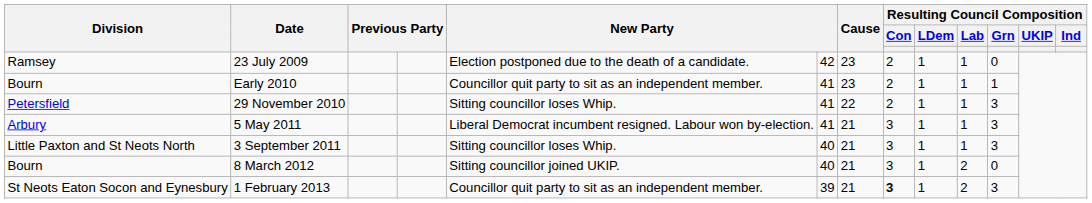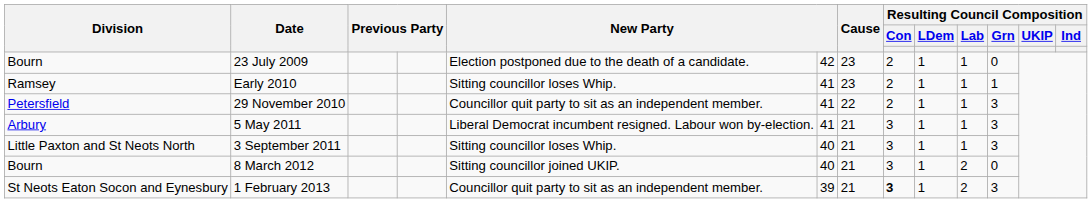 <table class="wikitable">
 <tr>
 <th !  rowspan="3">Division</th>
 <th ! rowspan="3">Date</th>
 <th !  rowspan=3 colspan=2>Previous Party</th>
 <th !  rowspan=3 colspan=2>New Party</th>
 <th ! rowspan="3">Cause</th>
 <th ! colspan="6">Resulting Council Composition</th>
 </tr>
 <tr>
 <th style="width:30px;" class="unsortable"><a href='#'>Con</a></th>
 <th style="width:30px;" class="unsortable"><a href='#'>LDem</a></th>
 <th style="width:30px;" class="unsortable"><a href='#'>Lab</a></th>
 <th style="width:30px;" class="unsortable"><a href='#'>Grn</a></th>
 <th style="width:30px;" class="unsortable"><a href='#'>UKIP</a></th>
 <th style="width:30px;" class="unsortable"><a href='#'>Ind</a></th>
 </tr>
 <tr>
 <th class="unsortable" style="color:inherit;background:"></th>
 <th class="unsortable" style="color:inherit;background:"></th>
 <th class="unsortable" style="color:inherit;background:"></th>
 <th class="unsortable" style="color:inherit;background:"></th>
 <th class="unsortable" style="color:inherit;background:"></th>
 <th class="unsortable" style="color:inherit;background:"></th>
 </tr>
 <tr>
-<td>Ramsey</td>
+<td>Bourn</td>
 <td>23 July 2009</td>
 <td></td>
 <td></td>
 <td>Election postponed due to the death of a candidate.</td>
 <td>42</td>
 <td>23</td>
 <td>2</td>
 <td>1</td>
 <td>1</td>
 <td>0</td>
 </tr>
 <tr>
-<td>Bourn</td>
+<td>Ramsey</td>
 <td>Early 2010</td>
 <td></td>
 <td></td>
-<td>Councillor quit party to sit as an independent member.</td>
+<td>Sitting councillor loses Whip.</td>
 <td>41</td>
 <td>23</td>
 <td>2</td>
 <td>1</td>
 <td>1</td>
 <td>1</td>
 </tr>
 <tr>
 <td><a href='#'>Petersfield</a></td>
 <td>29 November 2010</td>
 <td></td>
 <td></td>
-<td>Sitting councillor loses Whip.</td>
+<td>Councillor quit party to sit as an independent member.</td>
 <td>41</td>
 <td>22</td>
 <td>2</td>
 <td>1</td>
 <td>1</td>
 <td>3</td>
 </tr>
 <tr>
 <td><a href='#'>Arbury</a></td>
 <td>5 May 2011</td>
 <td></td>
 <td></td>
 <td>Liberal Democrat incumbent resigned. Labour won by-election.</td>
 <td>41</td>
 <td>21</td>
 <td>3</td>
 <td>1</td>
 <td>1</td>
 <td>3</td>
 </tr>
 <tr>
 <td>Little Paxton and St Neots North</td>
 <td>3 September 2011</td>
 <td></td>
 <td></td>
 <td>Sitting councillor loses Whip.</td>
 <td>40</td>
 <td>21</td>
 <td>3</td>
 <td>1</td>
 <td>1</td>
 <td>3</td>
 </tr>
 <tr>
 <td>Bourn</td>
 <td>8 March 2012</td>
 <td></td>
 <td></td>
 <td>Sitting councillor joined UKIP.</td>
 <td>40</td>
 <td>21</td>
 <td>3</td>
 <td>1</td>
 <td>2</td>
 <td>0</td>
 </tr>
 <tr>
 <td>St Neots Eaton Socon and Eynesbury</td>
 <td>1 February 2013</td>
 <td></td>
 <td></td>
 <td>Councillor quit party to sit as an independent member.</td>
 <td>39</td>
 <td>21</td>
 <td><strong>3</strong></td>
 <td>1</td>
 <td>2</td>
 <td>3</td>
 </tr>
 </table>
